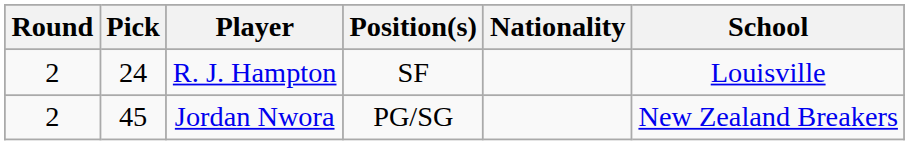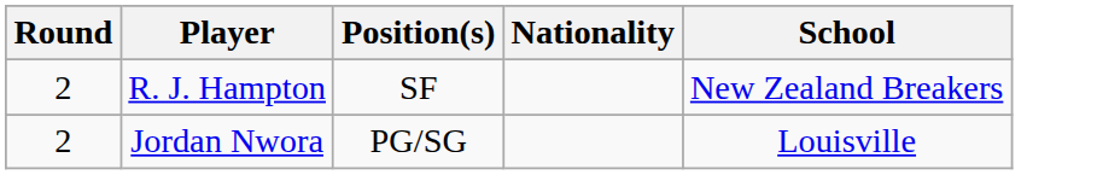 <table class="wikitable sortable sortable">
 <tr>
 <th>Round</th>
-<th>Pick</th>
 <th>Player</th>
 <th>Position(s)</th>
 <th>Nationality</th>
 <th>School</th>
 </tr>
 <tr style="text-align: center">
 <td>2</td>
-<td>24</td>
 <td><a href='#'>R. J. Hampton</a></td>
 <td>SF</td>
 <td></td>
-<td><a href='#'>Louisville</a></td>
+<td><a href='#'>New Zealand Breakers</a></td>
 </tr>
 <tr style="text-align: center">
 <td>2</td>
-<td>45</td>
 <td><a href='#'>Jordan Nwora</a></td>
 <td>PG/SG</td>
 <td></td>
-<td><a href='#'>New Zealand Breakers</a></td>
+<td><a href='#'>Louisville</a></td>
 </tr>
 </table>
